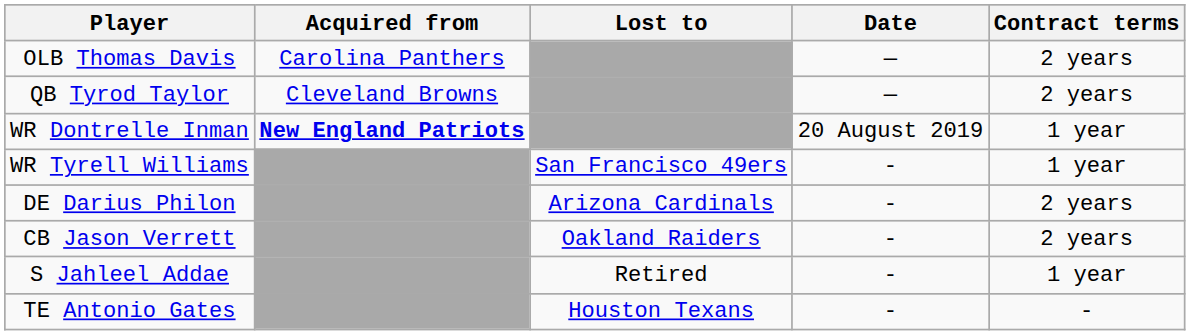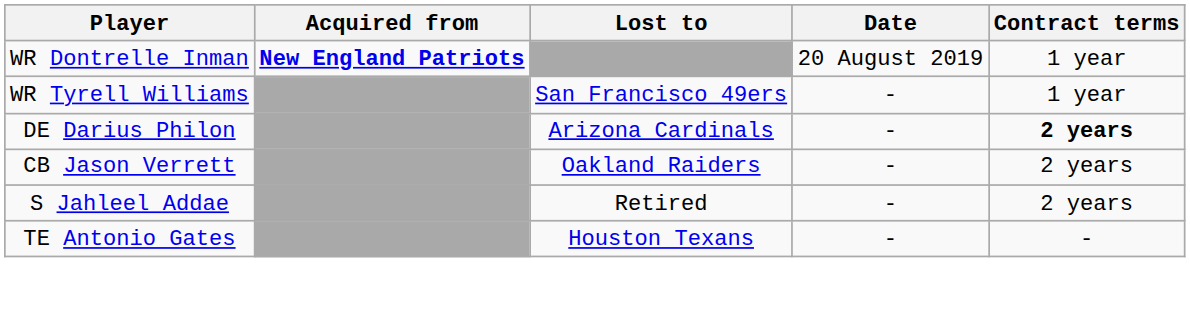 <table class="wikitable" style="text-align:center">
 <tr>
 <th>Player</th>
 <th>Acquired from</th>
 <th>Lost to</th>
 <th>Date</th>
 <th>Contract terms</th>
-</tr>
-<tr>
-<td>OLB <a href='#'>Thomas Davis</a></td>
-<td><a href='#'>Carolina Panthers</a></td>
-<td style="background:darkgrey"></td>
-<td>—</td>
-<td>2 years</td>
-</tr>
-<tr>
-<td>QB <a href='#'>Tyrod Taylor</a></td>
-<td><a href='#'>Cleveland Browns</a></td>
-<td style="background:darkgrey"></td>
-<td>—</td>
-<td>2 years</td>
 </tr>
 <tr>
 <td>WR <a href='#'>Dontrelle Inman</a></td>
 <td><strong><a href='#'>New England Patriots</a></strong></td>
 <td style="background:darkgrey"></td>
 <td>20 August 2019</td>
 <td>1 year</td>
 </tr>
 <tr>
 <td>WR <a href='#'>Tyrell Williams</a></td>
 <td style="background:darkgrey"></td>
 <td><a href='#'>San Francisco 49ers</a></td>
 <td>-</td>
 <td>1 year</td>
 </tr>
 <tr>
 <td>DE <a href='#'>Darius Philon</a></td>
 <td style="background:darkgrey"></td>
 <td><a href='#'>Arizona Cardinals</a></td>
 <td>-</td>
-<td>2 years</td>
+<td><strong>2 years</strong></td>
 </tr>
 <tr>
 <td>CB <a href='#'>Jason Verrett</a></td>
 <td style="background:darkgrey"></td>
 <td><a href='#'>Oakland Raiders</a></td>
 <td>-</td>
 <td>2 years</td>
 </tr>
 <tr>
 <td>S <a href='#'>Jahleel Addae</a></td>
 <td style="background:darkgrey"></td>
 <td>Retired</td>
 <td>-</td>
-<td>1 year</td>
+<td>2 years</td>
 </tr>
 <tr>
 <td>TE <a href='#'>Antonio Gates</a></td>
 <td style="background:darkgrey"></td>
 <td><a href='#'>Houston Texans</a></td>
 <td>-</td>
 <td>-</td>
 </tr>
 </table>
